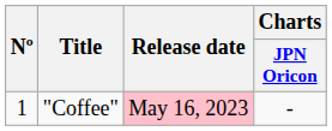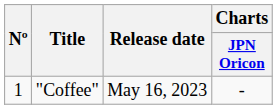 <table class="wikitable">
 <tr>
 <th rowspan="2">Nº</th>
 <th rowspan="2">Title</th>
 <th rowspan="2">Release date</th>
 <th colspan="1">Charts</th>
 </tr>
 <tr>
 <th style="width:3em;font-size:85%;"><a href='#'>JPN<br>Oricon</a><br></th>
 </tr>
 <tr>
 <td align="center">1</td>
 <td>"Coffee"</td>
-<td style="background: pink;">May 16, 2023</td>
+<td>May 16, 2023</td>
 <td style="text-align:center;">-</td>
 </tr>
 </table>
